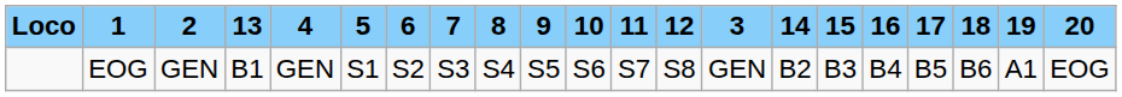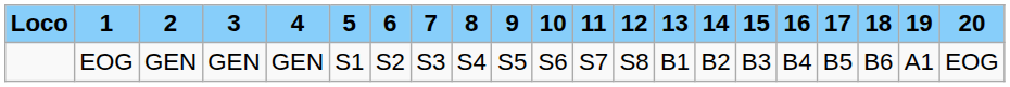 <table class="wikitable plainrowheaders unsortable" style="text-align:center">
 <tr>
 <th scope="col" rowspan="1" style="background:lightskyblue;">Loco</th>
 <th scope="col" rowspan="1" style="background:lightskyblue;">1</th>
 <th scope="col" rowspan="1" style="background:lightskyblue;">2</th>
-<th scope="col" rowspan="1" style="background:lightskyblue;">13</th>
+<th scope="col" rowspan="1" style="background:lightskyblue;">3</th>
 <th scope="col" rowspan="1" style="background:lightskyblue;">4</th>
 <th scope="col" rowspan="1" style="background:lightskyblue;">5</th>
 <th scope="col" rowspan="1" style="background:lightskyblue;">6</th>
 <th scope="col" rowspan="1" style="background:lightskyblue;">7</th>
 <th scope="col" rowspan="1" style="background:lightskyblue;">8</th>
 <th scope="col" rowspan="1" style="background:lightskyblue;">9</th>
 <th scope="col" rowspan="1" style="background:lightskyblue;">10</th>
 <th scope="col" rowspan="1" style="background:lightskyblue;">11</th>
 <th scope="col" rowspan="1" style="background:lightskyblue;">12</th>
-<th scope="col" rowspan="1" style="background:lightskyblue;">3</th>
+<th scope="col" rowspan="1" style="background:lightskyblue;">13</th>
 <th scope="col" rowspan="1" style="background:lightskyblue;">14</th>
 <th scope="col" rowspan="1" style="background:lightskyblue;">15</th>
 <th scope="col" rowspan="1" style="background:lightskyblue;">16</th>
 <th scope="col" rowspan="1" style="background:lightskyblue;">17</th>
 <th scope="col" rowspan="1" style="background:lightskyblue;">18</th>
 <th scope="col" rowspan="1" style="background:lightskyblue;">19</th>
 <th scope="col" rowspan="1" style="background:lightskyblue;">20</th>
 </tr>
 <tr>
 <td></td>
 <td>EOG</td>
 <td>GEN</td>
-<td>B1</td>
+<td>GEN</td>
 <td>GEN</td>
 <td>S1</td>
 <td>S2</td>
 <td>S3</td>
 <td>S4</td>
 <td>S5</td>
 <td>S6</td>
 <td>S7</td>
 <td>S8</td>
-<td>GEN</td>
+<td>B1</td>
 <td>B2</td>
 <td>B3</td>
 <td>B4</td>
 <td>B5</td>
 <td>B6</td>
 <td>A1</td>
 <td>EOG</td>
 </tr>
 </table>
